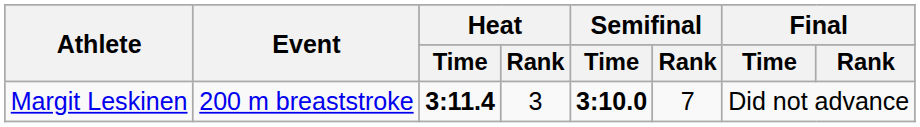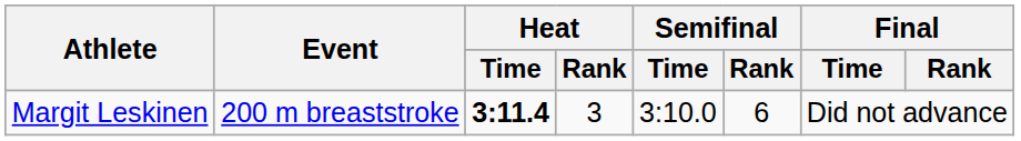 <table class=wikitable style="font-size:90%;">
 <tr>
 <th rowspan=2>Athlete</th>
 <th rowspan=2>Event</th>
 <th colspan=2>Heat</th>
 <th colspan=2>Semifinal</th>
 <th colspan=2>Final</th>
 </tr>
 <tr style="font-size:95%">
 <th>Time</th>
 <th>Rank</th>
 <th>Time</th>
 <th>Rank</th>
 <th>Time</th>
 <th>Rank</th>
 </tr>
 <tr align=center>
 <td align=left><a href='#'>Margit Leskinen</a></td>
 <td align=left><a href='#'>200 m breaststroke</a></td>
 <td><strong>3:11.4</strong></td>
 <td>3</td>
-<td><strong>3:10.0</strong></td>
-<td>7</td>
+<td>3:10.0</td>
+<td>6</td>
 <td colspan=2>Did not advance</td>
 </tr>
 </table>
